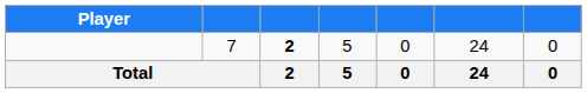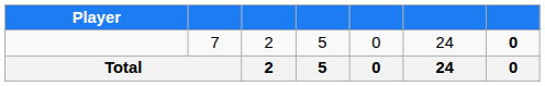 <table class="wikitable sortable" style="width:60%; text-align:center;">
 <tr>
 <th style="color:white; background:#1D7CF2; ">Player</th>
 <th style="color:white; background:#1D7CF2; "></th>
 <th style="color:white; background:#1D7CF2; "></th>
 <th style="color:white; background:#1D7CF2; "></th>
 <th style="color:white; background:#1D7CF2; "></th>
 <th style="color:white; background:#1D7CF2; "></th>
 <th style="color:white; background:#1D7CF2; "></th>
 </tr>
 <tr>
 <td></td>
 <td>7</td>
-<td><strong>2</strong></td>
+<td>2</td>
 <td>5</td>
 <td>0</td>
 <td>24</td>
-<td>0</td>
+<td><strong>0</strong></td>
 </tr>
 <tr class="sortbottom">
 <th colspan=2>Total</th>
 <th>2</th>
 <th>5</th>
 <th>0</th>
 <th>24</th>
 <th>0</th>
 </tr>
 </table>
